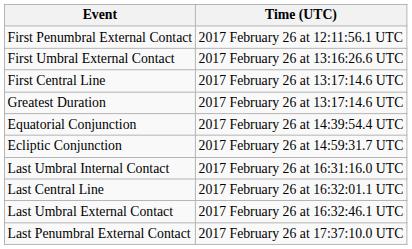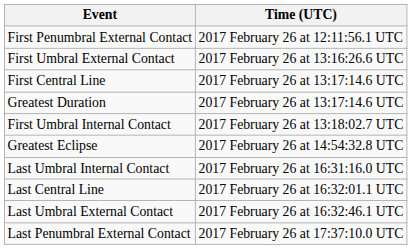 <table class="wikitable">
 <tr>
 <th>Event</th>
 <th>Time (UTC)</th>
 </tr>
 <tr>
 <td>First Penumbral External Contact</td>
 <td>2017 February 26 at 12:11:56.1 UTC</td>
 </tr>
 <tr>
 <td>First Umbral External Contact</td>
 <td>2017 February 26 at 13:16:26.6 UTC</td>
 </tr>
 <tr>
 <td>First Central Line</td>
 <td>2017 February 26 at 13:17:14.6 UTC</td>
 </tr>
 <tr>
 <td>Greatest Duration</td>
 <td>2017 February 26 at 13:17:14.6 UTC</td>
 </tr>
 <tr>
-<td>Equatorial Conjunction</td>
-<td>2017 February 26 at 14:39:54.4 UTC</td>
+<td>First Umbral Internal Contact</td>
+<td>2017 February 26 at 13:18:02.7 UTC</td>
 </tr>
 <tr>
-<td>Ecliptic Conjunction</td>
-<td>2017 February 26 at 14:59:31.7 UTC</td>
+<td>Greatest Eclipse</td>
+<td>2017 February 26 at 14:54:32.8 UTC</td>
 </tr>
 <tr>
 <td>Last Umbral Internal Contact</td>
 <td>2017 February 26 at 16:31:16.0 UTC</td>
 </tr>
 <tr>
 <td>Last Central Line</td>
 <td>2017 February 26 at 16:32:01.1 UTC</td>
 </tr>
 <tr>
 <td>Last Umbral External Contact</td>
 <td>2017 February 26 at 16:32:46.1 UTC</td>
 </tr>
 <tr>
 <td>Last Penumbral External Contact</td>
 <td>2017 February 26 at 17:37:10.0 UTC</td>
 </tr>
 </table>
